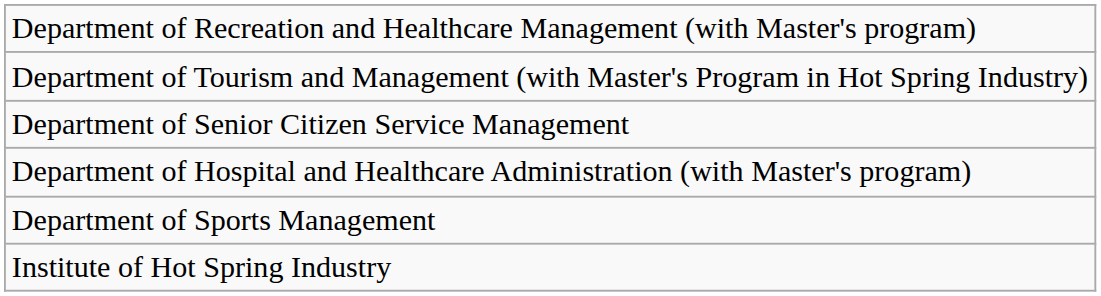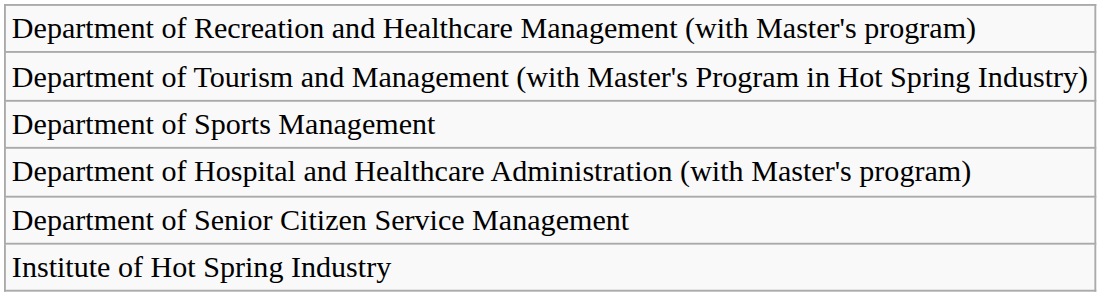 <table class="wikitable">
 <tr>
 <td>Department of Recreation and Healthcare Management (with Master's program)</td>
 </tr>
 <tr>
 <td>Department of Tourism and Management (with Master's Program in Hot Spring Industry)</td>
 </tr>
 <tr>
-<td>Department of Senior Citizen Service Management</td>
+<td>Department of Sports Management</td>
 </tr>
 <tr>
 <td>Department of Hospital and Healthcare Administration (with Master's program)</td>
 </tr>
 <tr>
-<td>Department of Sports Management</td>
+<td>Department of Senior Citizen Service Management</td>
 </tr>
 <tr>
 <td>Institute of Hot Spring Industry</td>
 </tr>
 </table>
